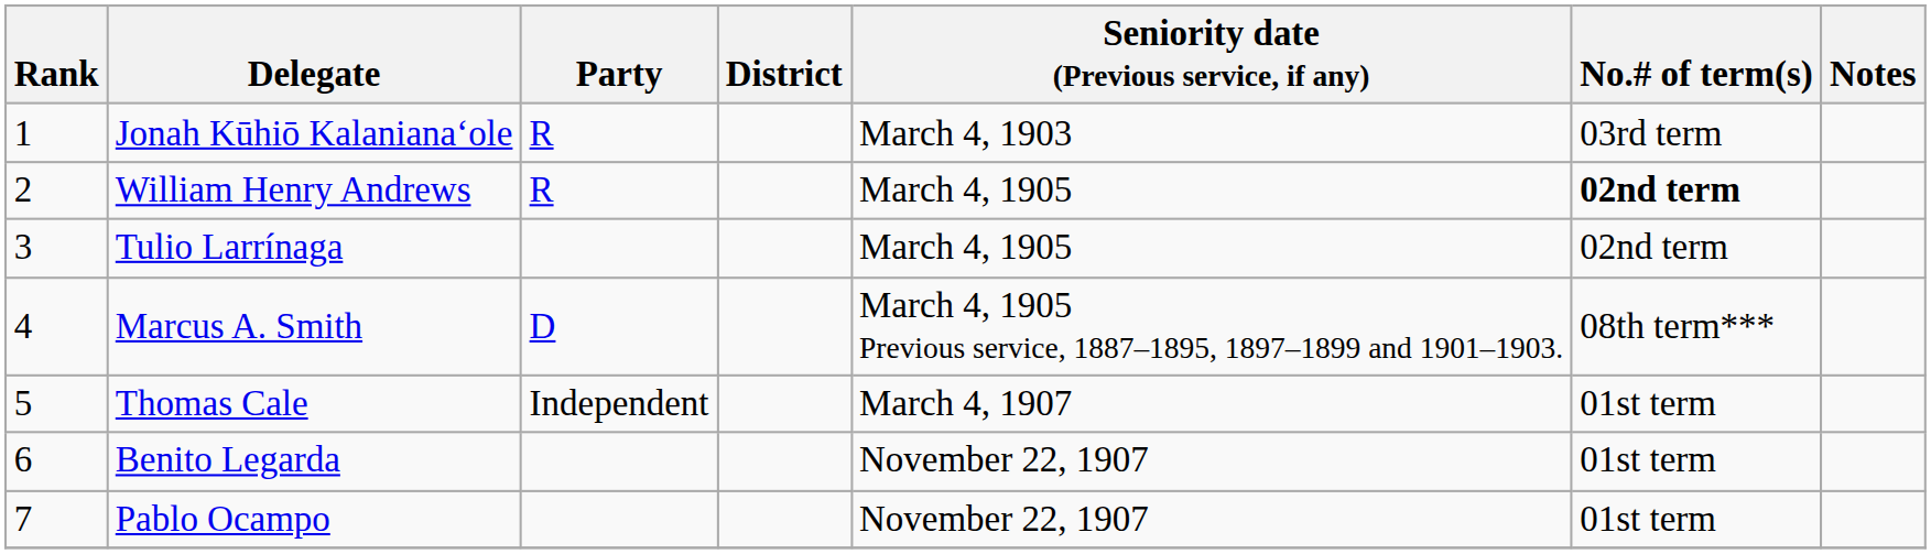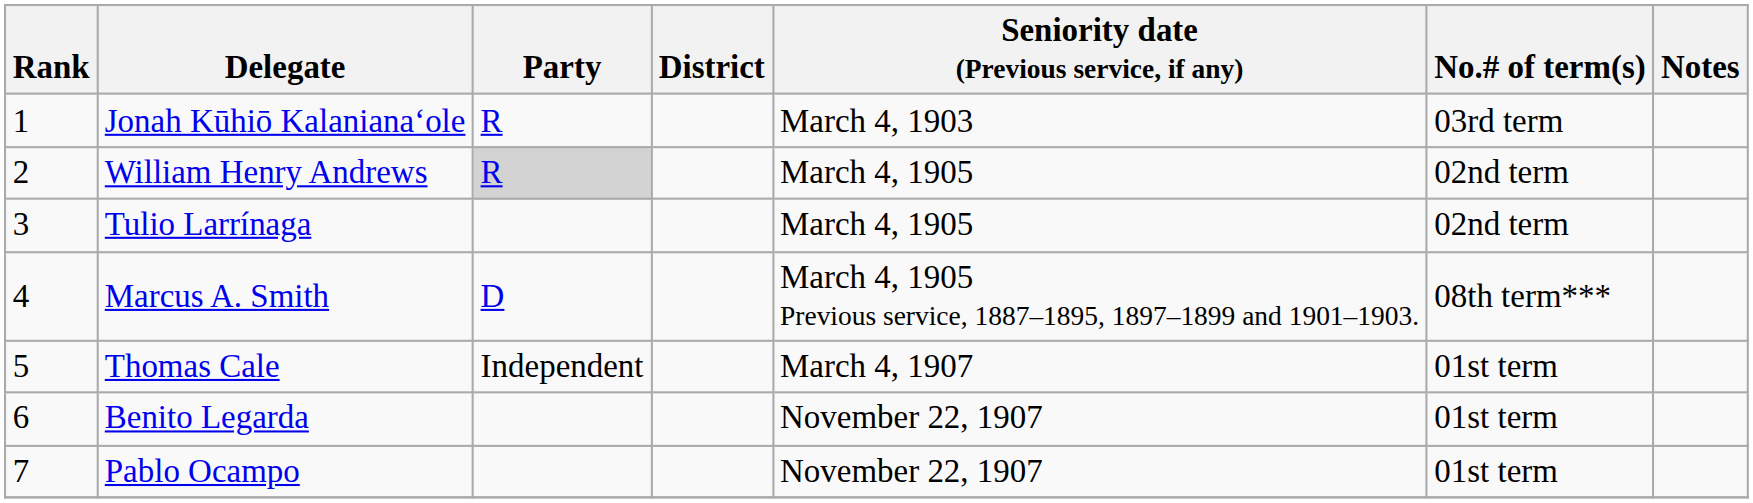 <table class="wikitable sortable">
 <tr valign=bottom>
 <th>Rank</th>
 <th>Delegate</th>
 <th>Party</th>
 <th>District</th>
 <th>Seniority date<br><small>(Previous service, if any)</small><br></th>
 <th>No.# of term(s)</th>
 <th>Notes</th>
 </tr>
 <tr>
 <td>1</td>
 <td><a href='#'>Jonah Kūhiō Kalanianaʻole</a></td>
 <td><a href='#'>R</a></td>
 <td></td>
 <td>March 4, 1903</td>
 <td>03rd term</td>
 <td></td>
 </tr>
 <tr>
 <td>2</td>
 <td><a href='#'>William Henry Andrews</a></td>
-<td><a href='#'>R</a></td>
+<td style="background: lightgrey;"><a href='#'>R</a></td>
 <td></td>
 <td>March 4, 1905</td>
-<td><strong>02nd term</strong></td>
+<td>02nd term</td>
 <td></td>
 </tr>
 <tr>
 <td>3</td>
 <td><a href='#'>Tulio Larrínaga</a></td>
 <td></td>
 <td></td>
 <td>March 4, 1905</td>
 <td>02nd term</td>
 <td></td>
 </tr>
 <tr>
 <td>4</td>
 <td><a href='#'>Marcus A. Smith</a></td>
 <td><a href='#'>D</a></td>
 <td></td>
 <td>March 4, 1905<br><small>Previous service, 1887–1895, 1897–1899 and 1901–1903. </small></td>
 <td>08th term***</td>
 <td></td>
 </tr>
 <tr>
 <td>5</td>
 <td><a href='#'>Thomas Cale</a></td>
 <td>Independent</td>
 <td></td>
 <td>March 4, 1907</td>
 <td>01st term</td>
 <td></td>
 </tr>
 <tr>
 <td>6</td>
 <td><a href='#'>Benito Legarda</a></td>
 <td></td>
 <td></td>
 <td>November 22, 1907</td>
 <td>01st term</td>
 <td></td>
 </tr>
 <tr>
 <td>7</td>
 <td><a href='#'>Pablo Ocampo</a></td>
 <td></td>
 <td></td>
 <td>November 22, 1907</td>
 <td>01st term</td>
 <td></td>
 </tr>
 <tr>
 </tr>
 </table>
